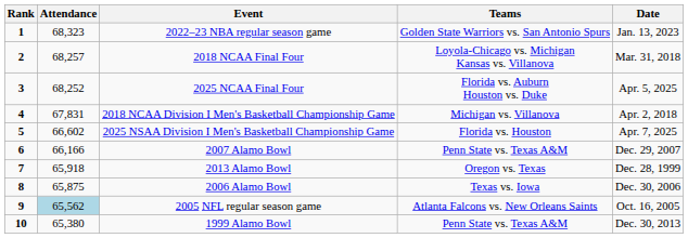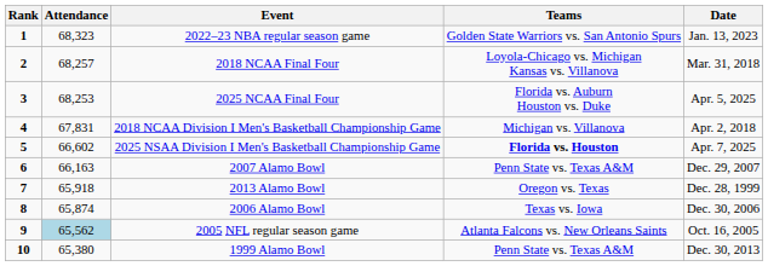 <table class="wikitable" style="text-align:center">
 <tr>
 <th>Rank</th>
 <th>Attendance</th>
 <th>Event</th>
 <th>Teams</th>
 <th>Date</th>
 </tr>
 <tr>
 <td><strong>1</strong></td>
 <td>68,323</td>
 <td><a href='#'>2022–23 NBA regular season</a> game</td>
 <td><a href='#'>Golden State Warriors</a> vs. <a href='#'>San Antonio Spurs</a></td>
 <td>Jan. 13, 2023</td>
 </tr>
 <tr>
 <td><strong>2</strong></td>
 <td>68,257</td>
 <td><a href='#'>2018 NCAA Final Four</a></td>
 <td><a href='#'>Loyola-Chicago</a> vs. <a href='#'>Michigan</a><br><a href='#'>Kansas</a> vs. <a href='#'>Villanova</a></td>
 <td>Mar. 31, 2018</td>
 </tr>
 <tr>
 <td><strong>3</strong></td>
-<td>68,252</td>
+<td>68,253</td>
 <td><a href='#'>2025 NCAA Final Four</a></td>
 <td><a href='#'>Florida</a> vs. <a href='#'>Auburn</a><br><a href='#'>Houston</a> vs. <a href='#'>Duke</a></td>
 <td>Apr. 5, 2025</td>
 </tr>
 <tr>
 <td><strong>4</strong></td>
 <td>67,831</td>
 <td><a href='#'>2018 NCAA Division I Men's Basketball Championship Game</a></td>
 <td><a href='#'>Michigan</a> vs. <a href='#'>Villanova</a></td>
 <td>Apr. 2, 2018</td>
 </tr>
 <tr>
 <td><strong>5</strong></td>
 <td>66,602</td>
 <td><a href='#'>2025 NSAA Division I Men's Basketball Championship Game</a></td>
-<td><a href='#'>Florida</a> vs. <a href='#'>Houston</a></td>
+<td><strong><a href='#'>Florida</a> vs. <a href='#'>Houston</a></strong></td>
 <td>Apr. 7, 2025</td>
 </tr>
 <tr>
 <td><strong>6</strong></td>
-<td>66,166</td>
+<td>66,163</td>
 <td><a href='#'>2007 Alamo Bowl</a></td>
 <td><a href='#'>Penn State</a> vs. <a href='#'>Texas A&M</a></td>
 <td>Dec. 29, 2007</td>
 </tr>
 <tr>
 <td><strong>7</strong></td>
 <td>65,918</td>
 <td><a href='#'>2013 Alamo Bowl</a></td>
 <td><a href='#'>Oregon</a> vs. <a href='#'>Texas</a></td>
 <td>Dec. 28, 1999</td>
 </tr>
 <tr>
 <td><strong>8</strong></td>
-<td>65,875</td>
+<td>65,874</td>
 <td><a href='#'>2006 Alamo Bowl</a></td>
 <td><a href='#'>Texas</a> vs. <a href='#'>Iowa</a></td>
 <td>Dec. 30, 2006</td>
 </tr>
 <tr>
 <td><strong>9</strong></td>
 <td style="background: lightblue;">65,562</td>
 <td><a href='#'>2005</a> <a href='#'>NFL</a> regular season game</td>
 <td><a href='#'>Atlanta Falcons</a> vs. <a href='#'>New Orleans Saints</a></td>
 <td>Oct. 16, 2005</td>
 </tr>
 <tr>
 <td><strong>10</strong></td>
 <td>65,380</td>
 <td><a href='#'>1999 Alamo Bowl</a></td>
 <td><a href='#'>Penn State</a> vs. <a href='#'>Texas A&M</a></td>
 <td>Dec. 30, 2013</td>
 </tr>
 </table>
